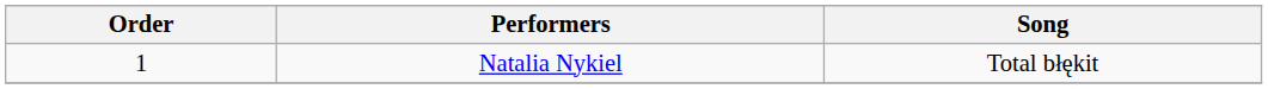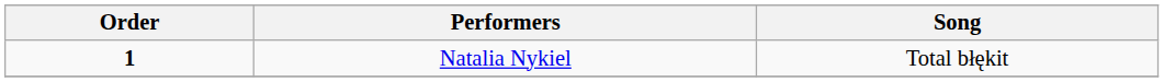 <table class="wikitable" style="text-align:center; width:65%;">
 <tr>
 </tr>
 <tr>
 <th>Order</th>
 <th>Performers</th>
 <th>Song</th>
 </tr>
 <tr>
-<td>1</td>
+<td><strong>1</strong></td>
 <td><a href='#'>Natalia Nykiel</a></td>
 <td>Total błękit</td>
 </tr>
 <tr>
 </tr>
 </table>
